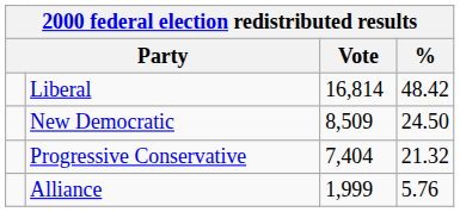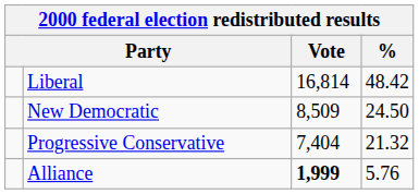 <table class="wikitable">
 <tr>
 <th colspan="4"><a href='#'>2000 federal election</a> redistributed results</th>
 </tr>
 <tr>
 <th bgcolor="#DDDDFF" width="230px" colspan="2">Party</th>
 <th bgcolor="#DDDDFF" width="50px">Vote</th>
 <th bgcolor="#DDDDFF" width="30px">%</th>
 </tr>
 <tr>
 <td> </td>
 <td><a href='#'>Liberal</a></td>
 <td>16,814</td>
 <td>48.42</td>
 </tr>
 <tr>
 <td> </td>
 <td><a href='#'>New Democratic</a></td>
 <td>8,509</td>
 <td>24.50</td>
 </tr>
 <tr>
 <td> </td>
 <td><a href='#'>Progressive Conservative</a></td>
 <td>7,404</td>
 <td>21.32</td>
 </tr>
 <tr>
 <td> </td>
 <td><a href='#'>Alliance</a></td>
-<td>1,999</td>
+<td><strong>1,999</strong></td>
 <td>5.76</td>
 </tr>
 </table>
